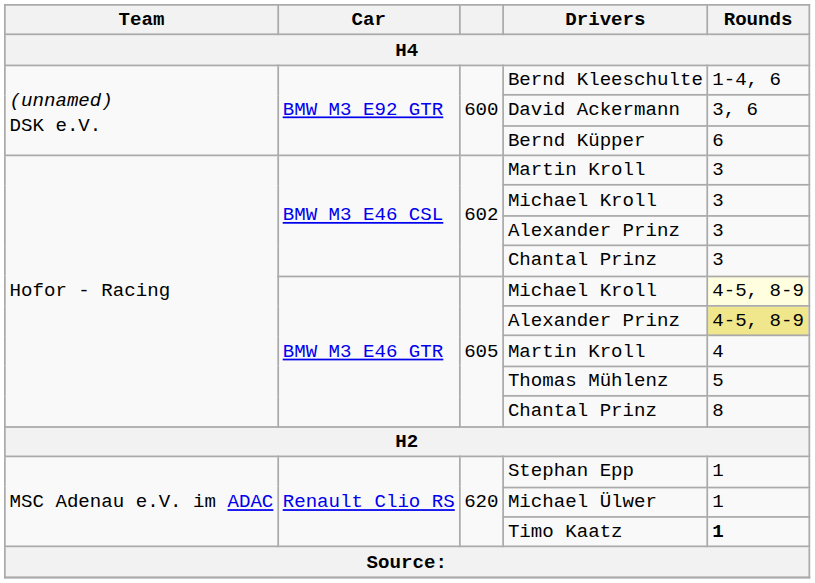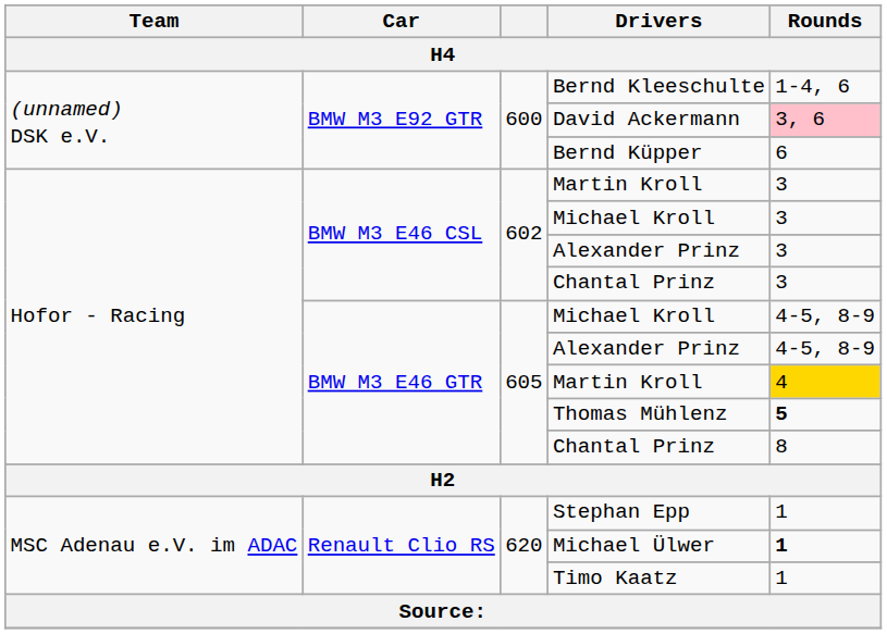 <table class="wikitable" style="font-size: 85%;">
 <tr>
 <th>Team</th>
 <th>Car</th>
 <th></th>
 <th>Drivers</th>
 <th>Rounds</th>
 </tr>
 <tr>
 <th colspan="5">H4</th>
 </tr>
 <tr>
 <td rowspan="3"><em>(unnamed)</em> <sup></sup><br> DSK e.V. <sup></sup></td>
 <td rowspan="3"><a href='#'>BMW M3 E92 GTR</a></td>
 <td rowspan="3" align="center">600</td>
 <td> Bernd Kleeschulte</td>
 <td>1-4, 6</td>
 </tr>
 <tr>
 <td> David Ackermann</td>
-<td>3, 6</td>
+<td style="background: pink;">3, 6</td>
 </tr>
 <tr>
 <td> Bernd Küpper</td>
 <td>6</td>
 </tr>
 <tr>
 <td rowspan="9"> Hofor - Racing</td>
 <td rowspan="4"><a href='#'>BMW M3 E46 CSL</a></td>
 <td rowspan="4" align="center">602</td>
 <td> Martin Kroll</td>
 <td>3</td>
 </tr>
 <tr>
 <td> Michael Kroll</td>
 <td>3</td>
 </tr>
 <tr>
 <td> Alexander Prinz</td>
 <td>3</td>
 </tr>
 <tr>
 <td> Chantal Prinz</td>
 <td>3</td>
 </tr>
 <tr>
 <td rowspan="5"><a href='#'>BMW M3 E46 GTR</a></td>
 <td rowspan="5" align="center">605</td>
 <td> Michael Kroll</td>
-<td style="background: lightyellow;">4-5, 8-9</td>
+<td>4-5, 8-9</td>
 </tr>
 <tr>
 <td> Alexander Prinz</td>
-<td style="background: khaki;">4-5, 8-9</td>
+<td>4-5, 8-9</td>
 </tr>
 <tr>
 <td> Martin Kroll</td>
-<td>4</td>
+<td style="background: gold;">4</td>
 </tr>
 <tr>
 <td> Thomas Mühlenz</td>
-<td>5</td>
+<td><strong>5</strong></td>
 </tr>
 <tr>
 <td> Chantal Prinz</td>
 <td>8</td>
 </tr>
 <tr>
 <th colspan="5">H2</th>
 </tr>
 <tr>
 <td rowspan="3"> MSC Adenau e.V. im <a href='#'>ADAC</a></td>
 <td rowspan="3"><a href='#'>Renault Clio RS</a></td>
 <td rowspan="3" align="center">620</td>
 <td> Stephan Epp</td>
 <td>1</td>
 </tr>
 <tr>
 <td> Michael Ülwer</td>
-<td>1</td>
+<td><strong>1</strong></td>
 </tr>
 <tr>
 <td> Timo Kaatz</td>
-<td><strong>1</strong></td>
+<td>1</td>
 </tr>
 <tr>
 <th colspan="5">Source:         </th>
 </tr>
 <tr>
 </tr>
 </table>
